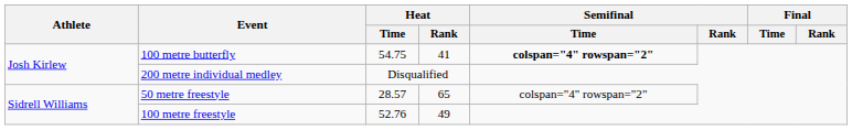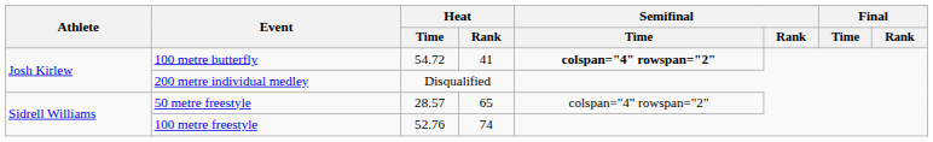 <table class="wikitable" style="text-align:center; font-size:90%; width:50%;">
 <tr>
 <th rowspan="2">Athlete</th>
 <th rowspan="2">Event</th>
 <th colspan="2">Heat</th>
 <th colspan="2">Semifinal</th>
 <th colspan="2">Final</th>
 </tr>
 <tr style="font-size:95%">
 <th>Time</th>
 <th>Rank</th>
 <th>Time</th>
 <th>Rank</th>
 <th>Time</th>
 <th>Rank</th>
 </tr>
 <tr align=center>
 <td align=left rowspan="2"><a href='#'>Josh Kirlew</a></td>
 <td align=left><a href='#'>100 metre butterfly</a></td>
-<td>54.75</td>
+<td>54.72</td>
 <td>41</td>
 <td><strong>colspan="4" rowspan="2" </strong></td>
 </tr>
 <tr align=center>
 <td align=left><a href='#'>200 metre individual medley</a></td>
 <td colspan="2">Disqualified</td>
 </tr>
 <tr align=center>
 <td align=left rowspan="2"><a href='#'>Sidrell Williams</a></td>
 <td align=left><a href='#'>50 metre freestyle</a></td>
 <td>28.57</td>
 <td>65</td>
 <td>colspan="4" rowspan="2" </td>
 </tr>
 <tr align=center>
 <td align=left><a href='#'>100 metre freestyle</a></td>
 <td>52.76</td>
-<td>49</td>
+<td>74</td>
 </tr>
 </table>
